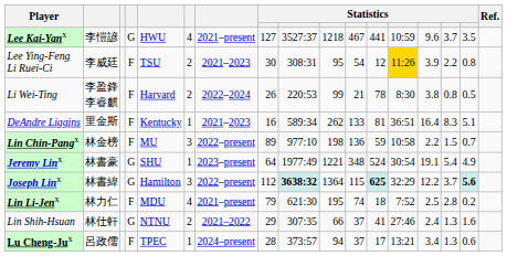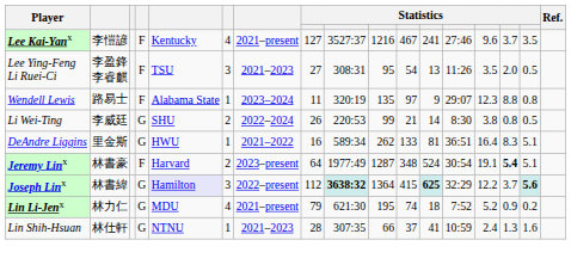 <table class="wikitable sortable" style="font-size:95%; text-align:right;">
 <tr>
 <th rowspan="2">Player</th>
 <th rowspan="2"></th>
 <th rowspan="2"></th>
 <th rowspan="2"></th>
 <th rowspan="2"></th>
 <th rowspan="2"></th>
 <th rowspan="2"></th>
 <th colspan="9">Statistics</th>
 <th rowspan="2">Ref.</th>
 </tr>
 <tr>
 <th></th>
 <th></th>
 <th></th>
 <th></th>
 <th></th>
 <th></th>
 <th></th>
 <th></th>
 <th></th>
 </tr>
 <tr>
 <td align="left" bgcolor="#CCFFCC"><u><strong><em>Lee Kai-Yan</em></strong></u><sup>x</sup></td>
 <td align="left">李愷諺</td>
 <td align="center"></td>
-<td align="center">G</td>
-<td align="left"><a href='#'>HWU</a></td>
+<td align="center">F</td>
+<td align="left"><a href='#'>Kentucky</a></td>
 <td align="center">4</td>
 <td align="center"><a href='#'>2021</a>–<a href='#'>present</a></td>
 <td>127</td>
 <td>3527:37</td>
-<td>1218</td>
+<td>1216</td>
 <td>467</td>
-<td>441</td>
-<td>10:59</td>
+<td>241</td>
+<td>27:46</td>
 <td>9.6</td>
 <td>3.7</td>
 <td>3.5</td>
 <td align="center"></td>
 </tr>
 <tr>
 <td align="left"><em>Lee Ying-Feng</em><br><em>Li Ruei-Ci</em></td>
-<td align="left">李威廷</td>
+<td align="left">李盈鋒<br>李睿麒</td>
 <td align="center"></td>
 <td align="center">F</td>
 <td align="left"><a href='#'>TSU</a></td>
-<td align="center">2</td>
+<td align="center">3</td>
 <td align="center"><a href='#'>2021</a>–<a href='#'>2023</a></td>
-<td>30</td>
+<td>27</td>
 <td>308:31</td>
 <td>95</td>
 <td>54</td>
-<td>12</td>
-<td style="background: gold;">11:26</td>
-<td>3.9</td>
-<td>2.2</td>
+<td>13</td>
+<td>11:26</td>
+<td>3.5</td>
+<td>2.0</td>
+<td>0.5</td>
+<td align="center"></td>
+</tr>
+<tr>
+<td align="left"><em><a href='#'>Wendell Lewis</a></em></td>
+<td align="left">路易士</td>
+<td align="center"></td>
+<td align="center">F</td>
+<td align="left"><a href='#'>Alabama State</a></td>
+<td align="center">1</td>
+<td align="center"><a href='#'>2023–2024</a></td>
+<td>11</td>
+<td>320:19</td>
+<td>135</td>
+<td>97</td>
+<td>9</td>
+<td>29:07</td>
+<td>12.3</td>
+<td>8.8</td>
 <td>0.8</td>
 <td align="center"></td>
 </tr>
 <tr>
 <td align="left"><em>Li Wei-Ting</em></td>
-<td align="left">李盈鋒<br>李睿麒</td>
+<td align="left">李威廷</td>
 <td align="center"></td>
-<td align="center">F</td>
-<td align="left"><a href='#'>Harvard</a></td>
+<td align="center">G</td>
+<td align="left"><a href='#'>SHU</a></td>
 <td align="center">2</td>
 <td align="center"><a href='#'>2022</a>–<a href='#'>2024</a></td>
 <td>26</td>
 <td>220:53</td>
 <td>99</td>
 <td>21</td>
-<td>78</td>
+<td>14</td>
 <td>8:30</td>
 <td>3.8</td>
 <td>0.8</td>
 <td>0.5</td>
 <td align="center"></td>
 </tr>
 <tr>
 <td align="left"><em><a href='#'>DeAndre Liggins</a></em></td>
 <td align="left">里金斯</td>
 <td align="center"></td>
-<td align="center">F</td>
-<td align="left"><a href='#'>Kentucky</a></td>
+<td align="center">G</td>
+<td align="left"><a href='#'>HWU</a></td>
 <td align="center">1</td>
-<td align="center"><a href='#'>2021</a>–<a href='#'>2023</a></td>
+<td align="center"><a href='#'>2021–2022</a></td>
 <td>16</td>
 <td>589:34</td>
 <td>262</td>
 <td>133</td>
 <td>81</td>
 <td>36:51</td>
 <td>16.4</td>
 <td>8.3</td>
 <td>5.1</td>
 <td align="center"></td>
 </tr>
 <tr>
-<td align="left" bgcolor="#CCFFCC"><u><strong><em>Lin Chin-Pang</em></strong></u><sup>x</sup></td>
-<td align="left">林金榜</td>
-<td align="center"></td>
-<td align="center">F</td>
-<td align="left"><a href='#'>MU</a></td>
-<td align="center">3</td>
-<td align="center"><a href='#'>2022</a>–<a href='#'>present</a></td>
-<td>89</td>
-<td>977:10</td>
-<td>198</td>
-<td>136</td>
-<td>59</td>
-<td>10:58</td>
-<td>2.2</td>
-<td>1.5</td>
-<td>0.7</td>
-<td align="center"></td>
-</tr>
-<tr>
 <td align="left" bgcolor="#CCFFCC"><strong><em><a href='#'>Jeremy Lin</a></em></strong><sup>x</sup></td>
 <td align="left">林書豪</td>
 <td align="center"></td>
-<td align="center">G</td>
-<td align="left"><a href='#'>SHU</a></td>
-<td align="center">1</td>
+<td align="center">F</td>
+<td align="left"><a href='#'>Harvard</a></td>
+<td align="center">2</td>
 <td align="center"><a href='#'>2023</a>–<a href='#'>present</a></td>
 <td>64</td>
 <td>1977:49</td>
-<td>1221</td>
+<td>1287</td>
 <td>348</td>
 <td>524</td>
 <td>30:54</td>
 <td>19.1</td>
-<td>5.4</td>
-<td>4.9</td>
+<td><strong>5.4</strong></td>
+<td>5.1</td>
 <td align="center"></td>
 </tr>
 <tr>
 <td align="left" bgcolor="#CCFFCC"><strong><em><a href='#'>Joseph Lin</a></em></strong><sup>x</sup></td>
 <td align="left">林書緯</td>
 <td align="center"></td>
 <td align="center">G</td>
-<td align="left"><a href='#'>Hamilton</a></td>
+<td align="left" style="background: lavender;"><a href='#'>Hamilton</a></td>
 <td align="center">3</td>
 <td align="center"><a href='#'>2022</a>–<a href='#'>present</a></td>
 <td>112</td>
 <td bgcolor="#CFECEC"><strong>3638:32</strong></td>
 <td>1364</td>
-<td>115</td>
+<td>415</td>
 <td bgcolor="#CFECEC"><strong>625</strong></td>
 <td>32:29</td>
 <td>12.2</td>
 <td>3.7</td>
 <td bgcolor="#CFECEC"><strong>5.6</strong></td>
 <td align="center"></td>
 </tr>
 <tr>
 <td align="left" bgcolor="#CCFFCC"><u><strong><em>Lin Li-Jen</em></strong></u><sup>x</sup></td>
 <td align="left">林力仁</td>
 <td align="center"></td>
-<td align="center">F</td>
+<td align="center">G</td>
 <td align="left"><a href='#'>MDU</a></td>
 <td align="center">4</td>
 <td align="center"><a href='#'>2021</a>–<a href='#'>present</a></td>
 <td>79</td>
 <td>621:30</td>
 <td>195</td>
 <td>74</td>
 <td>18</td>
 <td>7:52</td>
-<td>2.5</td>
-<td>2.8</td>
+<td>5.2</td>
+<td>0.9</td>
 <td>0.2</td>
 <td align="center"></td>
 </tr>
 <tr>
 <td align="left"><em>Lin Shih-Hsuan</em></td>
 <td align="left">林仕軒</td>
 <td align="center"></td>
 <td align="center">G</td>
 <td align="left"><a href='#'>NTNU</a></td>
-<td align="center">2</td>
-<td align="center"><a href='#'>2021–2022</a></td>
-<td>29</td>
+<td align="center">1</td>
+<td align="center"><a href='#'>2021</a>–<a href='#'>2023</a></td>
+<td>28</td>
 <td>307:35</td>
 <td>66</td>
 <td>37</td>
 <td>41</td>
-<td>27:46</td>
+<td>10:59</td>
 <td>2.4</td>
 <td>1.3</td>
 <td>1.6</td>
 <td align="center"></td>
 </tr>
-<tr>
-<td align="left" bgcolor="#CCFFCC"><u><strong>Lu Cheng-Ju</strong></u><sup>x</sup></td>
-<td align="left">呂政儒</td>
-<td align="center"></td>
-<td align="center">F</td>
-<td align="left"><a href='#'>TPEC</a></td>
-<td align="center">1</td>
-<td align="center"><a href='#'>2024–present</a></td>
-<td>28</td>
-<td>373:57</td>
-<td>94</td>
-<td>37</td>
-<td>17</td>
-<td>13:21</td>
-<td>3.4</td>
-<td>1.3</td>
-<td>0.6</td>
-<td align="center"></td>
-</tr>
 </table>
